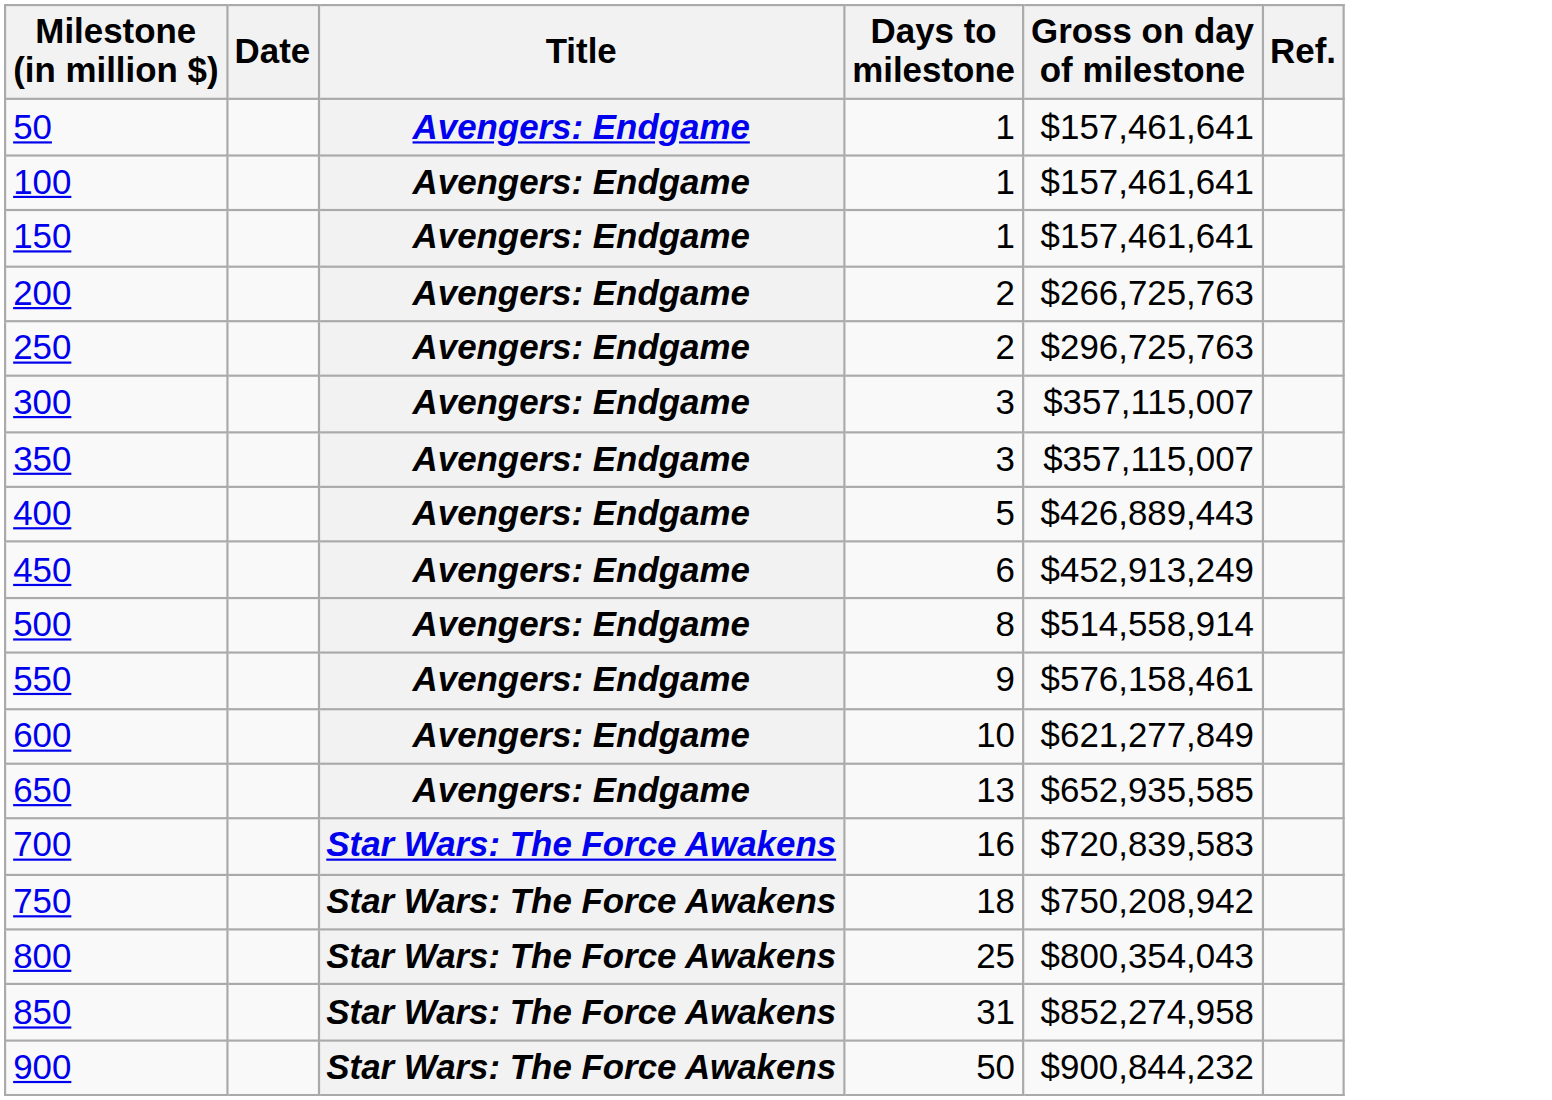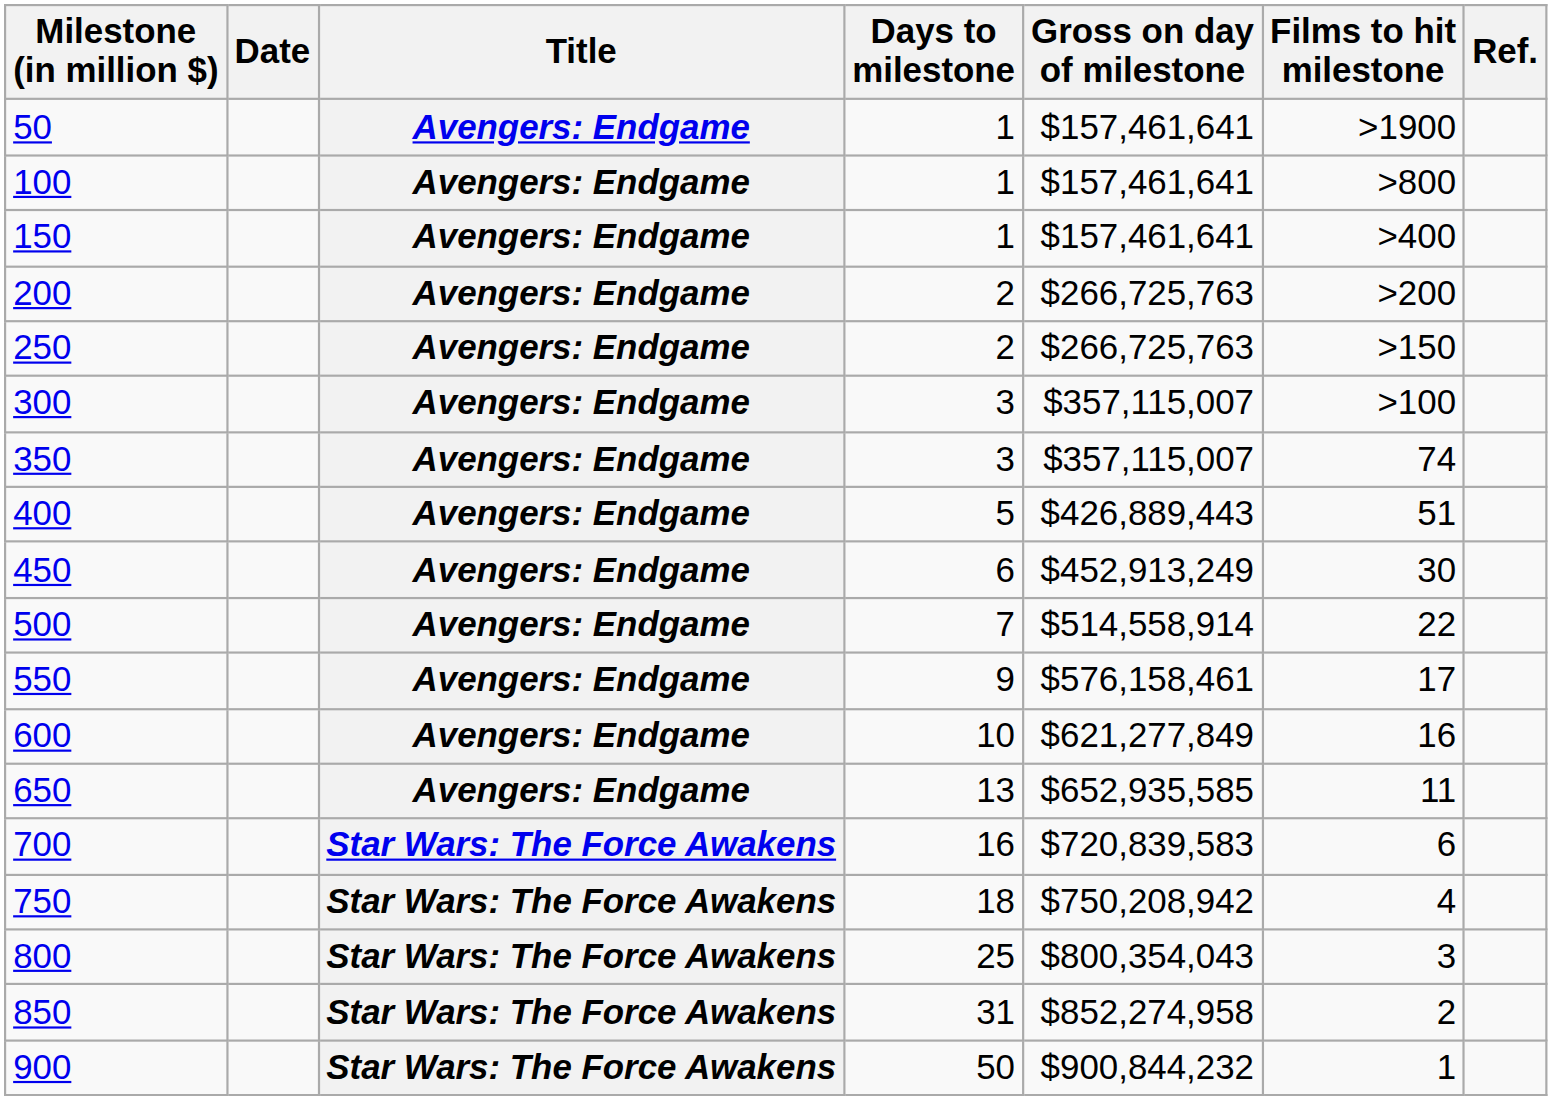 <table class="wikitable">
 <tr>
 <th scope="col">Milestone <br>(in million $)</th>
 <th scope="col">Date</th>
 <th scope="col">Title</th>
 <th scope="col">Days to <br>milestone</th>
 <th scope="col">Gross on day <br>of milestone</th>
+<th scope="col">Films to hit<br> milestone</th>
 <th scope="col" class="unsortable">Ref.</th>
 </tr>
 <tr>
 <td><a href='#'>50</a></td>
 <td></td>
 <th scope="row"><em><a href='#'>Avengers: Endgame</a></em></th>
 <td style="text-align:right;">1</td>
 <td style="text-align:right;">$157,461,641</td>
+<td style="text-align:right;">>1900</td>
 <td style="text-align:center;"></td>
 </tr>
 <tr>
 <td><a href='#'>100</a></td>
 <td></td>
 <th scope="row"><em>Avengers: Endgame</em></th>
 <td style="text-align:right;">1</td>
 <td style="text-align:right;">$157,461,641</td>
+<td style="text-align:right;">>800</td>
 <td style="text-align:center;"></td>
 </tr>
 <tr>
 <td><a href='#'>150</a></td>
 <td></td>
 <th scope="row"><em>Avengers: Endgame</em></th>
 <td style="text-align:right;">1</td>
 <td style="text-align:right;">$157,461,641</td>
+<td style="text-align:right;">>400</td>
 <td style="text-align:center;"></td>
 </tr>
 <tr>
 <td><a href='#'>200</a></td>
 <td></td>
 <th scope="row"><em>Avengers: Endgame</em></th>
 <td style="text-align:right;">2</td>
 <td style="text-align:right;">$266,725,763</td>
+<td style="text-align:right;">>200</td>
 <td style="text-align:center;"></td>
 </tr>
 <tr>
 <td><a href='#'>250</a></td>
 <td></td>
 <th scope="row"><em>Avengers: Endgame</em></th>
 <td style="text-align:right;">2</td>
-<td style="text-align:right;">$296,725,763</td>
+<td style="text-align:right;">$266,725,763</td>
+<td style="text-align:right;">>150</td>
 <td style="text-align:center;"></td>
 </tr>
 <tr>
 <td><a href='#'>300</a></td>
 <td></td>
 <th scope="row"><em>Avengers: Endgame</em></th>
 <td style="text-align:right;">3</td>
 <td style="text-align:right;">$357,115,007</td>
+<td style="text-align:right;">>100</td>
 <td style="text-align:center;"></td>
 </tr>
 <tr>
 <td><a href='#'>350</a></td>
 <td></td>
 <th scope="row"><em>Avengers: Endgame</em></th>
 <td style="text-align:right;">3</td>
 <td style="text-align:right;">$357,115,007</td>
+<td style="text-align:right;">74</td>
 <td style="text-align:center;"></td>
 </tr>
 <tr>
 <td><a href='#'>400</a></td>
 <td></td>
 <th scope="row"><em>Avengers: Endgame</em></th>
 <td style="text-align:right;">5</td>
 <td style="text-align:right;">$426,889,443</td>
+<td style="text-align:right;">51</td>
 <td style="text-align:center;"></td>
 </tr>
 <tr>
 <td><a href='#'>450</a></td>
 <td></td>
 <th scope="row"><em>Avengers: Endgame</em></th>
 <td style="text-align:right;">6</td>
 <td style="text-align:right;">$452,913,249</td>
+<td style="text-align:right;">30</td>
 <td style="text-align:center;"></td>
 </tr>
 <tr>
 <td><a href='#'>500</a></td>
 <td></td>
 <th scope="row"><em>Avengers: Endgame</em></th>
-<td style="text-align:right;">8</td>
+<td style="text-align:right;">7</td>
 <td style="text-align:right;">$514,558,914</td>
+<td style="text-align:right;">22</td>
 <td style="text-align:center;"></td>
 </tr>
 <tr>
 <td><a href='#'>550</a></td>
 <td></td>
 <th scope="row"><em>Avengers: Endgame</em></th>
 <td style="text-align:right;">9</td>
 <td style="text-align:right;">$576,158,461</td>
+<td style="text-align:right;">17</td>
 <td style="text-align:center;"></td>
 </tr>
 <tr>
 <td><a href='#'>600</a></td>
 <td></td>
 <th scope="row"><em>Avengers: Endgame</em></th>
 <td style="text-align:right;">10</td>
 <td style="text-align:right;">$621,277,849</td>
+<td style="text-align:right;">16</td>
 <td style="text-align:center;"></td>
 </tr>
 <tr>
 <td><a href='#'>650</a></td>
 <td></td>
 <th scope="row"><em>Avengers: Endgame</em></th>
 <td style="text-align:right;">13</td>
 <td style="text-align:right;">$652,935,585</td>
+<td style="text-align:right;">11</td>
 <td style="text-align:center;"></td>
 </tr>
 <tr>
 <td><a href='#'>700</a></td>
 <td></td>
 <th scope="row"><em><a href='#'>Star Wars: The Force Awakens</a></em></th>
 <td style="text-align:right;">16</td>
 <td style="text-align:right;">$720,839,583</td>
+<td style="text-align:right;">6</td>
 <td style="text-align:center;"></td>
 </tr>
 <tr>
 <td><a href='#'>750</a></td>
 <td></td>
 <th scope="row"><em>Star Wars: The Force Awakens</em></th>
 <td style="text-align:right;">18</td>
 <td style="text-align:right;">$750,208,942</td>
+<td style="text-align:right;">4</td>
 <td style="text-align:center;"></td>
 </tr>
 <tr>
 <td><a href='#'>800</a></td>
 <td></td>
 <th scope="row"><em>Star Wars: The Force Awakens</em></th>
 <td style="text-align:right;">25</td>
 <td style="text-align:right;">$800,354,043</td>
+<td style="text-align:right;">3</td>
 <td style="text-align:center;"></td>
 </tr>
 <tr>
 <td><a href='#'>850</a></td>
 <td></td>
 <th scope="row"><em>Star Wars: The Force Awakens</em></th>
 <td style="text-align:right;">31</td>
 <td style="text-align:right;">$852,274,958</td>
+<td style="text-align:right;">2</td>
 <td style="text-align:center;"></td>
 </tr>
 <tr>
 <td><a href='#'>900</a></td>
 <td></td>
 <th scope="row"><em>Star Wars: The Force Awakens</em></th>
 <td style="text-align:right;">50</td>
 <td style="text-align:right;">$900,844,232</td>
+<td style="text-align:right;">1</td>
 <td style="text-align:center;"></td>
 </tr>
 </table>
